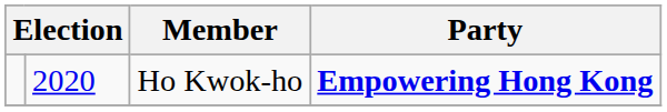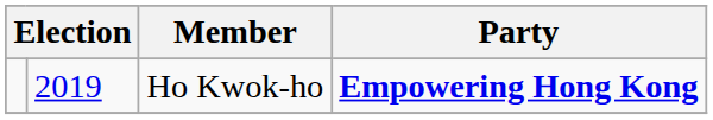 <table class="wikitable">
 <tr>
 <th colspan="2">Election</th>
 <th>Member</th>
 <th>Party</th>
 </tr>
 <tr>
 <td style="color:inherit;background:"></td>
-<td><a href='#'>2020</a></td>
+<td><a href='#'>2019</a></td>
 <td>Ho Kwok-ho</td>
 <td><strong><a href='#'>Empowering Hong Kong</a></strong></td>
 </tr>
 <tr>
 </tr>
 </table>
